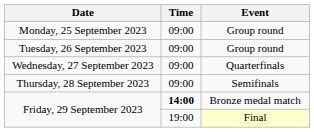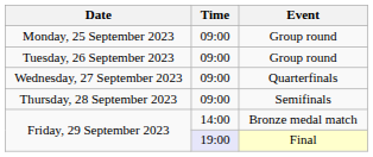 <table class = "wikitable" style="text-align:center;">
 <tr>
 <th width=220>Date</th>
 <th width=50>Time</th>
 <th width=150>Event</th>
 </tr>
 <tr>
 <td>Monday, 25 September 2023</td>
 <td>09:00</td>
 <td>Group round</td>
 </tr>
 <tr>
 <td>Tuesday, 26 September 2023</td>
 <td>09:00</td>
 <td>Group round</td>
 </tr>
 <tr>
 <td>Wednesday, 27 September 2023</td>
 <td>09:00</td>
 <td>Quarterfinals</td>
 </tr>
 <tr>
 <td>Thursday, 28 September 2023</td>
 <td>09:00</td>
 <td>Semifinals</td>
 </tr>
 <tr>
 <td rowspan=2>Friday, 29 September 2023</td>
-<td><strong>14:00</strong></td>
+<td>14:00</td>
 <td>Bronze medal match</td>
 </tr>
 <tr>
-<td>19:00</td>
+<td style="background: lavender;">19:00</td>
 <td style="background:#ffffcc;">Final</td>
 </tr>
 </table>
